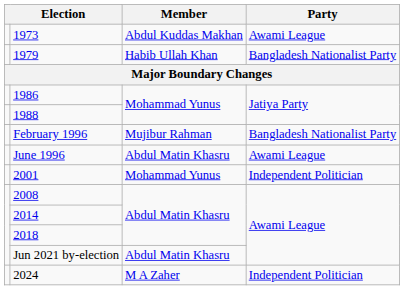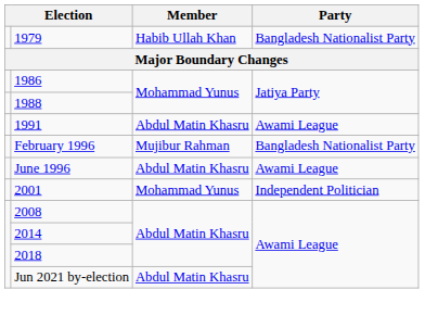 <table class="wikitable">
 <tr>
 <th colspan="2">Election</th>
 <th>Member</th>
 <th>Party</th>
-</tr>
-<tr>
-<td style="background-color:"></td>
-<td><a href='#'>1973</a></td>
-<td><a href='#'>Abdul Kuddas Makhan</a></td>
-<td><a href='#'>Awami League</a></td>
 </tr>
 <tr>
 <td style="background-color:"></td>
 <td><a href='#'>1979</a></td>
 <td><a href='#'>Habib Ullah Khan</a></td>
 <td><a href='#'>Bangladesh Nationalist Party</a></td>
 </tr>
 <tr>
 <th colspan="4">Major Boundary Changes</th>
 </tr>
 <tr>
 <td style="background-color:"></td>
 <td><a href='#'>1986</a></td>
 <td rowspan="2"><a href='#'>Mohammad Yunus</a></td>
 <td rowspan="2"><a href='#'>Jatiya Party</a></td>
 </tr>
 <tr>
 <td style="background-color:"></td>
 <td><a href='#'>1988</a></td>
+</tr>
+<tr>
+<td style="background-color:"></td>
+<td><a href='#'>1991</a></td>
+<td><a href='#'>Abdul Matin Khasru</a></td>
+<td><a href='#'>Awami League</a></td>
 </tr>
 <tr>
 <td style="background-color:"></td>
 <td><a href='#'>February 1996</a></td>
 <td><a href='#'>Mujibur Rahman</a></td>
 <td><a href='#'>Bangladesh Nationalist Party</a></td>
 </tr>
 <tr>
 <td style="background-color:"></td>
 <td><a href='#'>June 1996</a></td>
 <td><a href='#'>Abdul Matin Khasru</a></td>
 <td><a href='#'>Awami League</a></td>
 </tr>
 <tr>
 <td style="background-color:"></td>
 <td><a href='#'>2001</a></td>
 <td><a href='#'>Mohammad Yunus</a></td>
 <td><a href='#'>Independent Politician</a></td>
 </tr>
 <tr>
 <td rowspan="4" style="background-color:"></td>
 <td><a href='#'>2008</a></td>
 <td rowspan="3"><a href='#'>Abdul Matin Khasru</a></td>
 <td rowspan="4"><a href='#'>Awami League</a></td>
 </tr>
 <tr>
 <td><a href='#'>2014</a></td>
 </tr>
 <tr>
 <td><a href='#'>2018</a></td>
 </tr>
 <tr>
 <td>Jun 2021 by-election</td>
 <td><a href='#'>Abdul Matin Khasru</a></td>
 </tr>
-<tr>
-<td style="background-color:"></td>
-<td>2024</td>
-<td><a href='#'>M A Zaher</a></td>
-<td><a href='#'>Independent Politician</a></td>
-</tr>
 </table>
